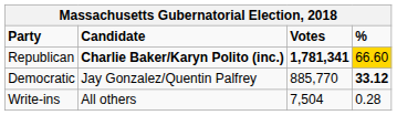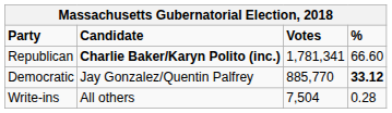 <table class="wikitable">
 <tr>
 <th colspan="4">Massachusetts Gubernatorial Election, 2018</th>
 </tr>
 <tr>
 <td><strong>Party</strong></td>
 <td><strong>Candidate</strong></td>
 <td><strong>Votes</strong></td>
 <td><strong>%</strong></td>
 </tr>
 <tr>
 <td>Republican</td>
 <td><strong>Charlie Baker/Karyn Polito (inc.)</strong></td>
-<td><strong>1,781,341</strong></td>
-<td style="background: gold;">66.60</td>
+<td>1,781,341</td>
+<td>66.60</td>
 </tr>
 <tr>
 <td>Democratic</td>
 <td>Jay Gonzalez/Quentin Palfrey</td>
 <td>885,770</td>
 <td><strong>33.12</strong></td>
 </tr>
 <tr>
 <td>Write-ins</td>
 <td>All others</td>
 <td>7,504</td>
 <td>0.28</td>
 </tr>
 </table>
